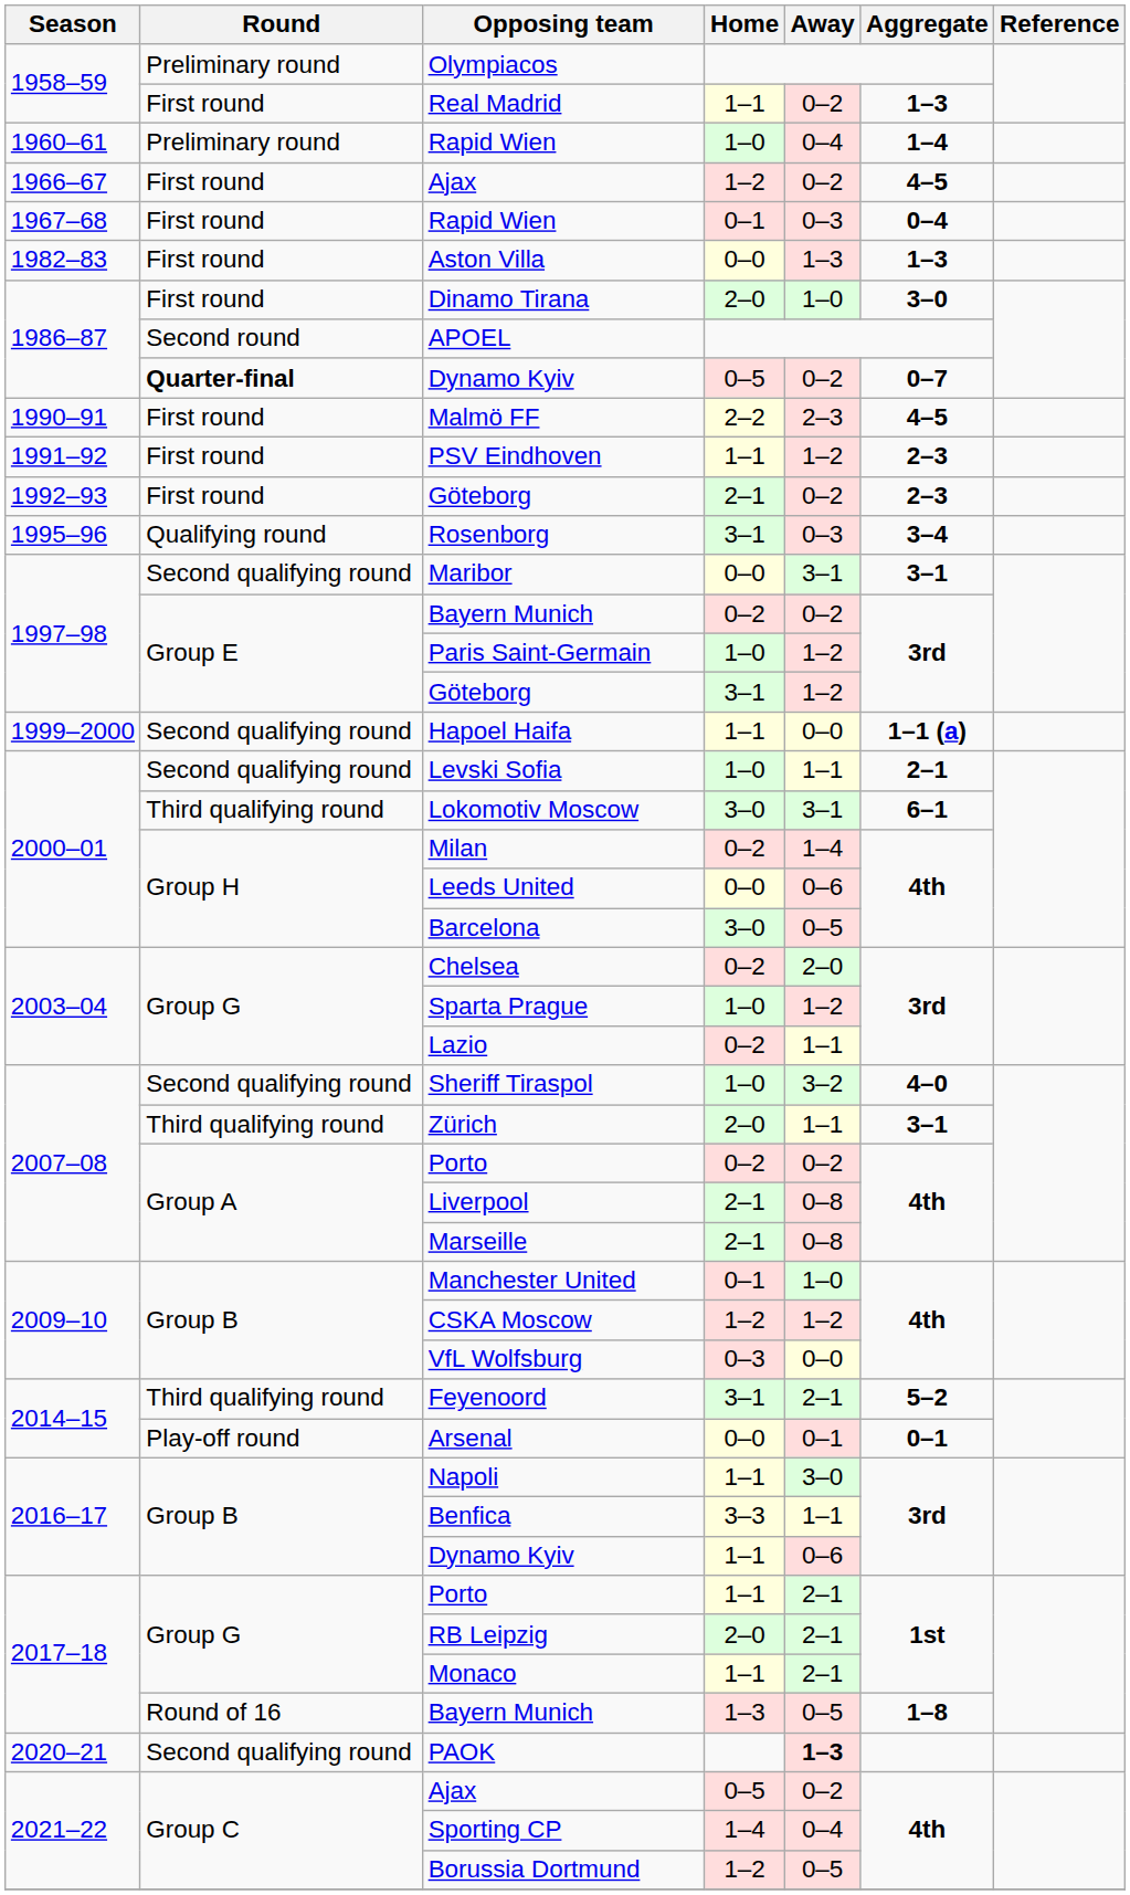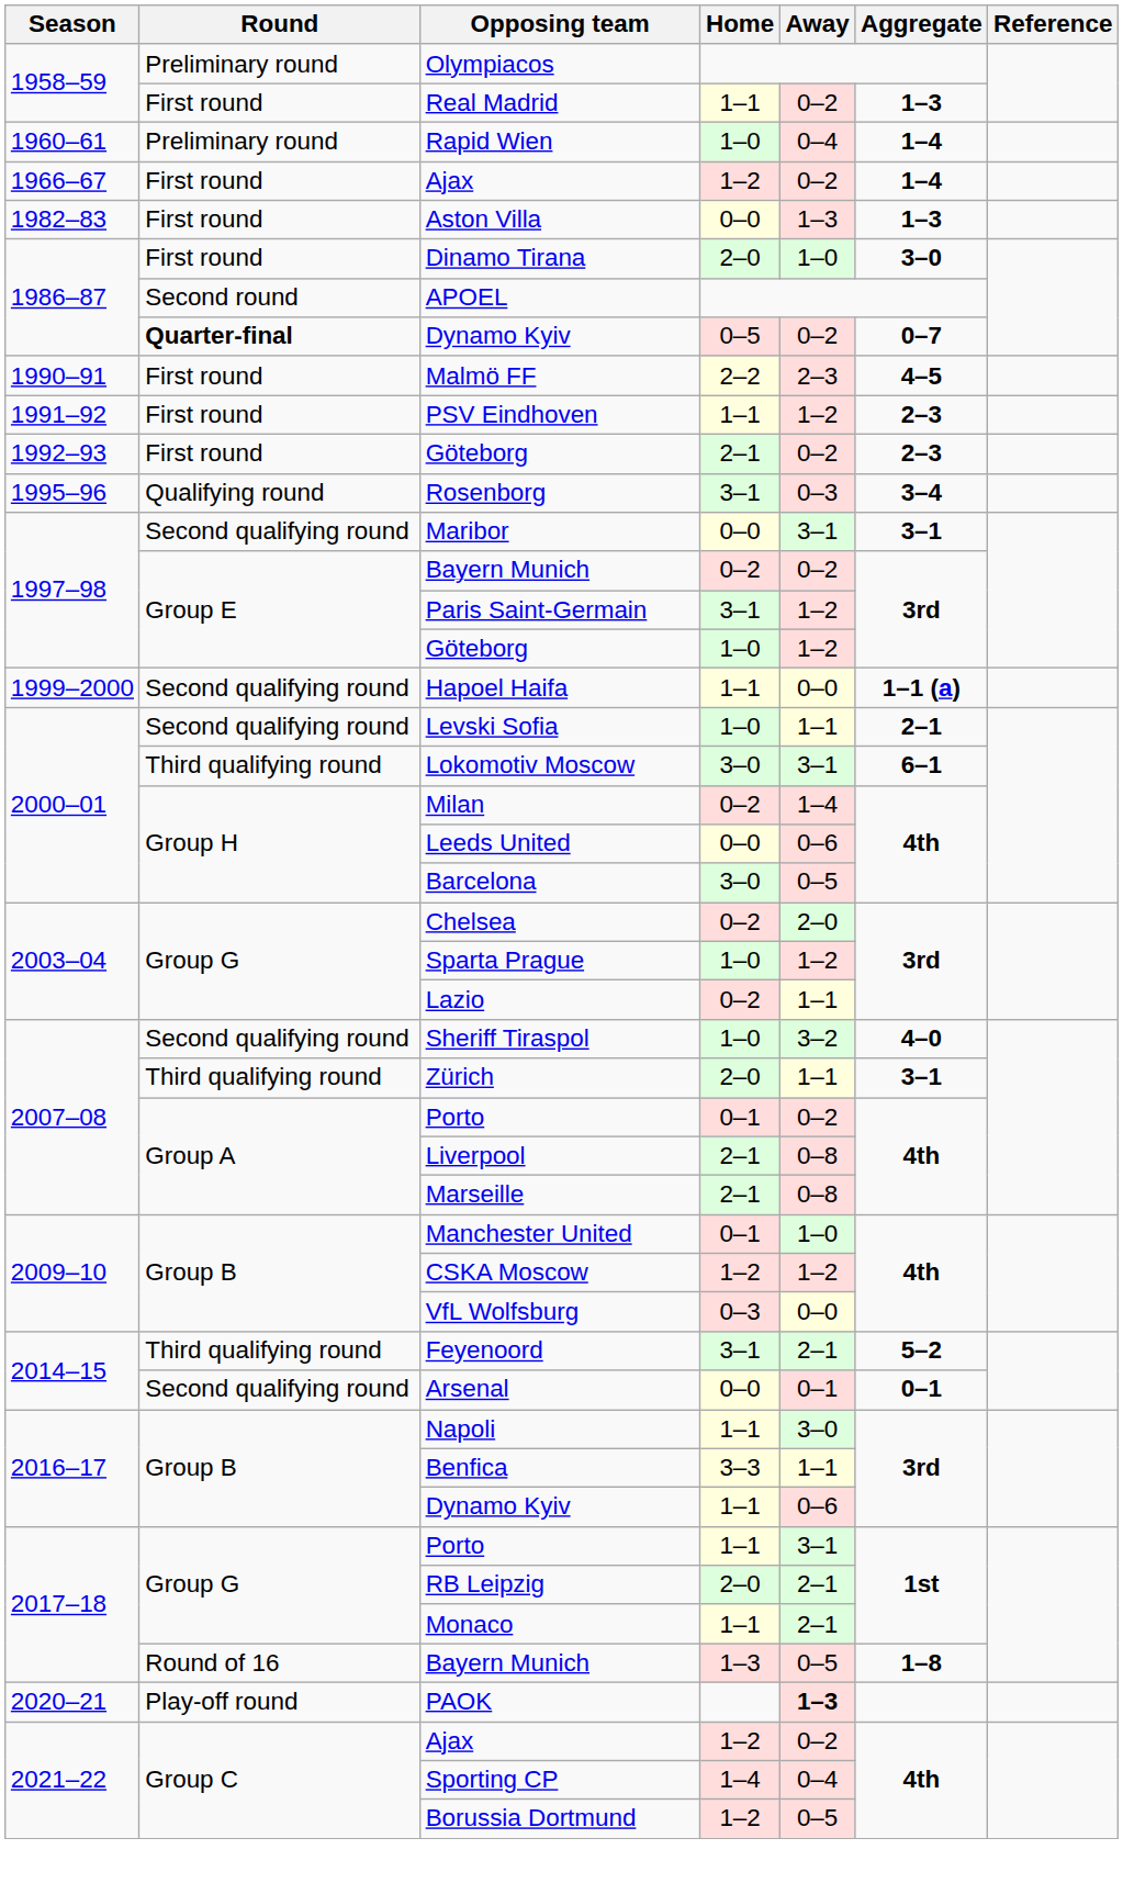 <table class="wikitable">
 <tr>
 <th>Season</th>
 <th width=175>Round</th>
 <th width=175>Opposing team</th>
 <th>Home</th>
 <th>Away</th>
 <th>Aggregate</th>
 <th>Reference</th>
 </tr>
 <tr>
 <td rowspan="2"><a href='#'>1958–59</a></td>
 <td>Preliminary round</td>
 <td> <a href='#'>Olympiacos</a></td>
 <td colspan=3></td>
 <td rowspan="2" align=center></td>
 </tr>
 <tr>
 <td>First round</td>
 <td> <a href='#'>Real Madrid</a></td>
 <td style="text-align:center; background:#ffd;">1–1</td>
 <td style="text-align:center; background:#fdd;">0–2</td>
 <td style="text-align:center;"><strong>1–3</strong></td>
 </tr>
 <tr>
 <td><a href='#'>1960–61</a></td>
 <td>Preliminary round</td>
 <td> <a href='#'>Rapid Wien</a></td>
 <td style="text-align:center; background:#dfd;">1–0</td>
 <td style="text-align:center; background:#fdd;">0–4</td>
 <td style="text-align:center;"><strong>1–4</strong></td>
 <td align=center></td>
 </tr>
 <tr>
 <td><a href='#'>1966–67</a></td>
 <td>First round</td>
 <td> <a href='#'>Ajax</a></td>
 <td style="text-align:center; background:#fdd;">1–2</td>
 <td style="text-align:center; background:#fdd;">0–2</td>
-<td style="text-align:center;"><strong>4–5</strong></td>
-<td align=center></td>
-</tr>
-<tr>
-<td><a href='#'>1967–68</a></td>
-<td>First round</td>
-<td> <a href='#'>Rapid Wien</a></td>
-<td style="text-align:center; background:#fdd;">0–1</td>
-<td style="text-align:center; background:#fdd;">0–3</td>
-<td style="text-align:center;"><strong>0–4</strong></td>
+<td style="text-align:center;"><strong>1–4</strong></td>
 <td align=center></td>
 </tr>
 <tr>
 <td><a href='#'>1982–83</a></td>
 <td>First round</td>
 <td> <a href='#'>Aston Villa</a></td>
 <td style="text-align:center; background:#ffd;">0–0</td>
 <td style="text-align:center; background:#fdd;">1–3</td>
 <td style="text-align:center;"><strong>1–3</strong></td>
 <td align=center></td>
 </tr>
 <tr>
 <td rowspan="3"><a href='#'>1986–87</a></td>
 <td>First round</td>
 <td> <a href='#'>Dinamo Tirana</a></td>
 <td style="text-align:center; background:#dfd;">2–0</td>
 <td style="text-align:center; background:#dfd;">1–0</td>
 <td style="text-align:center;"><strong>3–0</strong></td>
 <td rowspan="3" align=center></td>
 </tr>
 <tr>
 <td>Second round</td>
 <td> <a href='#'>APOEL</a></td>
 <td colspan=3></td>
 </tr>
 <tr>
 <td><strong>Quarter-final</strong></td>
 <td> <a href='#'>Dynamo Kyiv</a></td>
 <td style="text-align:center; background:#fdd;">0–5</td>
 <td style="text-align:center; background:#fdd;">0–2</td>
 <td style="text-align:center;"><strong>0–7</strong></td>
 </tr>
 <tr>
 <td><a href='#'>1990–91</a></td>
 <td>First round</td>
 <td> <a href='#'>Malmö FF</a></td>
 <td style="text-align:center; background:#ffd;">2–2</td>
 <td style="text-align:center; background:#fdd;">2–3</td>
 <td style="text-align:center;"><strong>4–5</strong></td>
 <td align=center></td>
 </tr>
 <tr>
 <td><a href='#'>1991–92</a></td>
 <td>First round</td>
 <td> <a href='#'>PSV Eindhoven</a></td>
 <td style="text-align:center; background:#ffd;">1–1</td>
 <td style="text-align:center; background:#fdd;">1–2</td>
 <td style="text-align:center;"><strong>2–3</strong></td>
 <td align=center></td>
 </tr>
 <tr>
 <td><a href='#'>1992–93</a></td>
 <td>First round</td>
 <td> <a href='#'>Göteborg</a></td>
 <td style="text-align:center; background:#dfd;">2–1</td>
 <td style="text-align:center; background:#fdd;">0–2</td>
 <td style="text-align:center;"><strong>2–3</strong></td>
 <td align=center></td>
 </tr>
 <tr>
 <td><a href='#'>1995–96</a></td>
 <td>Qualifying round</td>
 <td> <a href='#'>Rosenborg</a></td>
 <td style="text-align:center; background:#dfd;">3–1</td>
 <td style="text-align:center; background:#fdd;">0–3</td>
 <td style="text-align:center;"><strong>3–4</strong></td>
 <td align=center></td>
 </tr>
 <tr>
 <td rowspan="4"><a href='#'>1997–98</a></td>
 <td>Second qualifying round</td>
 <td> <a href='#'>Maribor</a></td>
 <td style="text-align:center; background:#ffd;">0–0</td>
 <td style="text-align:center; background:#dfd;">3–1</td>
 <td style="text-align:center;"><strong>3–1</strong></td>
 <td rowspan="4" align=center></td>
 </tr>
 <tr>
 <td rowspan=3>Group E</td>
 <td> <a href='#'>Bayern Munich</a></td>
 <td style="text-align:center; background:#fdd;">0–2</td>
 <td style="text-align:center; background:#fdd;">0–2</td>
 <td style="text-align:center;" rowspan=3><strong>3rd</strong></td>
 </tr>
 <tr>
 <td> <a href='#'>Paris Saint-Germain</a></td>
-<td style="text-align:center; background:#dfd;">1–0</td>
+<td style="text-align:center; background:#dfd;">3–1</td>
 <td style="text-align:center; background:#fdd;">1–2</td>
 </tr>
 <tr>
 <td> <a href='#'>Göteborg</a></td>
-<td style="text-align:center; background:#dfd;">3–1</td>
+<td style="text-align:center; background:#dfd;">1–0</td>
 <td style="text-align:center; background:#fdd;">1–2</td>
 </tr>
 <tr>
 <td><a href='#'>1999–2000</a></td>
 <td>Second qualifying round</td>
 <td> <a href='#'>Hapoel Haifa</a></td>
 <td style="text-align:center; background:#ffd;">1–1</td>
 <td style="text-align:center; background:#ffd;">0–0</td>
 <td style="text-align:center;"><strong>1–1 (<a href='#'>a</a>)</strong></td>
 <td align=center></td>
 </tr>
 <tr>
 <td rowspan="5"><a href='#'>2000–01</a></td>
 <td>Second qualifying round</td>
 <td> <a href='#'>Levski Sofia</a></td>
 <td style="text-align:center; background:#dfd;">1–0</td>
 <td style="text-align:center; background:#ffd;">1–1</td>
 <td style="text-align:center;"><strong>2–1</strong></td>
 <td rowspan="5" align=center></td>
 </tr>
 <tr>
 <td>Third qualifying round</td>
 <td> <a href='#'>Lokomotiv Moscow</a></td>
 <td style="text-align:center; background:#dfd;">3–0</td>
 <td style="text-align:center; background:#dfd;">3–1</td>
 <td style="text-align:center;"><strong>6–1</strong></td>
 </tr>
 <tr>
 <td rowspan=3>Group H</td>
 <td> <a href='#'>Milan</a></td>
 <td style="text-align:center; background:#fdd;">0–2</td>
 <td style="text-align:center; background:#fdd;">1–4</td>
 <td style="text-align:center;" rowspan=3><strong>4th</strong></td>
 </tr>
 <tr>
 <td> <a href='#'>Leeds United</a></td>
 <td style="text-align:center; background:#ffd;">0–0</td>
 <td style="text-align:center; background:#fdd;">0–6</td>
 </tr>
 <tr>
 <td> <a href='#'>Barcelona</a></td>
 <td style="text-align:center; background:#dfd;">3–0</td>
 <td style="text-align:center; background:#fdd;">0–5</td>
 </tr>
 <tr>
 <td rowspan="3"><a href='#'>2003–04</a></td>
 <td rowspan=3>Group G</td>
 <td> <a href='#'>Chelsea</a></td>
 <td style="text-align:center; background:#fdd;">0–2</td>
 <td style="text-align:center; background:#dfd;">2–0</td>
 <td style="text-align:center;" rowspan=3><strong>3rd</strong></td>
 <td rowspan="3" align=center></td>
 </tr>
 <tr>
 <td> <a href='#'>Sparta Prague</a></td>
 <td style="text-align:center; background:#dfd;">1–0</td>
 <td style="text-align:center; background:#fdd;">1–2</td>
 </tr>
 <tr>
 <td> <a href='#'>Lazio</a></td>
 <td style="text-align:center; background:#fdd;">0–2</td>
 <td style="text-align:center; background:#ffd;">1–1</td>
 </tr>
 <tr>
 <td rowspan="5"><a href='#'>2007–08</a></td>
 <td>Second qualifying round</td>
 <td> <a href='#'>Sheriff Tiraspol</a></td>
 <td style="text-align:center; background:#dfd;">1–0</td>
 <td style="text-align:center; background:#dfd;">3–2</td>
 <td style="text-align:center;"><strong>4–0</strong></td>
 <td rowspan="5" align=center></td>
 </tr>
 <tr>
 <td>Third qualifying round</td>
 <td> <a href='#'>Zürich</a></td>
 <td style="text-align:center; background:#dfd;">2–0</td>
 <td style="text-align:center; background:#ffd;">1–1</td>
 <td style="text-align:center;"><strong>3–1</strong></td>
 </tr>
 <tr>
 <td rowspan=3>Group A</td>
 <td> <a href='#'>Porto</a></td>
-<td style="text-align:center; background:#fdd;">0–2</td>
+<td style="text-align:center; background:#fdd;">0–1</td>
 <td style="text-align:center; background:#fdd;">0–2</td>
 <td style="text-align:center;" rowspan=3><strong>4th</strong></td>
 </tr>
 <tr>
 <td> <a href='#'>Liverpool</a></td>
 <td style="text-align:center; background:#dfd;">2–1</td>
 <td style="text-align:center; background:#fdd;">0–8</td>
 </tr>
 <tr>
 <td> <a href='#'>Marseille</a></td>
 <td style="text-align:center; background:#dfd;">2–1</td>
 <td style="text-align:center; background:#fdd;">0–8</td>
 </tr>
 <tr>
 <td rowspan="3"><a href='#'>2009–10</a></td>
 <td rowspan=3>Group B</td>
 <td> <a href='#'>Manchester United</a></td>
 <td style="text-align:center; background:#fdd;">0–1</td>
 <td style="text-align:center; background:#dfd;">1–0</td>
 <td style="text-align:center;" rowspan=3><strong>4th</strong></td>
 <td rowspan="3" align=center></td>
 </tr>
 <tr>
 <td> <a href='#'>CSKA Moscow</a></td>
 <td style="text-align:center; background:#fdd;">1–2</td>
 <td style="text-align:center; background:#fdd;">1–2</td>
 </tr>
 <tr>
 <td> <a href='#'>VfL Wolfsburg</a></td>
 <td style="text-align:center; background:#fdd;">0–3</td>
 <td style="text-align:center; background:#ffd;">0–0</td>
 </tr>
 <tr>
 <td rowspan="2"><a href='#'>2014–15</a></td>
 <td>Third qualifying round</td>
 <td> <a href='#'>Feyenoord</a></td>
 <td style="text-align:center; background:#dfd;">3–1</td>
 <td style="text-align:center; background:#dfd;">2–1</td>
 <td style="text-align:center;"><strong>5–2</strong></td>
 <td rowspan="2" align=center></td>
 </tr>
 <tr>
-<td>Play-off round</td>
+<td>Second qualifying round</td>
 <td> <a href='#'>Arsenal</a></td>
 <td style="text-align:center; background:#ffd;">0–0</td>
 <td style="text-align:center; background:#fdd;">0–1</td>
 <td style="text-align:center;"><strong>0–1</strong></td>
 </tr>
 <tr>
 <td rowspan="3"><a href='#'>2016–17</a></td>
 <td rowspan=3>Group B</td>
 <td> <a href='#'>Napoli</a></td>
 <td style="text-align:center; background:#ffd;">1–1</td>
 <td style="text-align:center; background:#dfd;">3–0</td>
 <td style="text-align:center;" rowspan=3><strong>3rd</strong></td>
 <td rowspan="3" align=center></td>
 </tr>
 <tr>
 <td> <a href='#'>Benfica</a></td>
 <td style="text-align:center; background:#ffd;">3–3</td>
 <td style="text-align:center; background:#ffd;">1–1</td>
 </tr>
 <tr>
 <td> <a href='#'>Dynamo Kyiv</a></td>
 <td style="text-align:center; background:#ffd;">1–1</td>
 <td style="text-align:center; background:#fdd;">0–6</td>
 </tr>
 <tr>
 <td rowspan="4"><a href='#'>2017–18</a></td>
 <td rowspan=3>Group G</td>
 <td> <a href='#'>Porto</a></td>
 <td style="text-align:center; background:#ffd;">1–1</td>
-<td style="text-align:center; background:#dfd;">2–1</td>
+<td style="text-align:center; background:#dfd;">3–1</td>
 <td style="text-align:center;" rowspan=3><strong>1st</strong></td>
 <td rowspan="4" align=center></td>
 </tr>
 <tr>
 <td> <a href='#'>RB Leipzig</a></td>
 <td style="text-align:center; background:#dfd;">2–0</td>
 <td style="text-align:center; background:#dfd;">2–1</td>
 </tr>
 <tr>
 <td> <a href='#'>Monaco</a></td>
 <td style="text-align:center; background:#ffd;">1–1</td>
 <td style="text-align:center; background:#dfd;">2–1</td>
 </tr>
 <tr>
 <td>Round of 16</td>
 <td> <a href='#'>Bayern Munich</a></td>
 <td style="text-align:center; background:#fdd;">1–3</td>
 <td style="text-align:center; background:#fdd;">0–5</td>
 <td style="text-align:center;"><strong>1–8</strong></td>
 </tr>
 <tr>
 <td><a href='#'>2020–21</a></td>
-<td>Second qualifying round</td>
+<td>Play-off round</td>
 <td> <a href='#'>PAOK</a></td>
 <td></td>
 <td style="text-align:center; background:#fdd;"><strong>1–3</strong></td>
 <td></td>
 <td align=center></td>
 </tr>
 <tr>
 <td rowspan="3"><a href='#'>2021–22</a></td>
 <td rowspan=3>Group C</td>
 <td> <a href='#'>Ajax</a></td>
-<td style="text-align:center; background:#fdd;">0–5</td>
+<td style="text-align:center; background:#fdd;">1–2</td>
 <td style="text-align:center; background:#fdd;">0–2</td>
 <td style="text-align:center;" rowspan=3><strong>4th</strong></td>
 <td rowspan="3" align=center></td>
 </tr>
 <tr>
 <td> <a href='#'>Sporting CP</a></td>
 <td style="text-align:center; background:#fdd;">1–4</td>
 <td style="text-align:center; background:#fdd;">0–4</td>
 </tr>
 <tr>
 <td> <a href='#'>Borussia Dortmund</a></td>
 <td style="text-align:center; background:#fdd;">1–2</td>
 <td style="text-align:center; background:#fdd;">0–5</td>
 </tr>
 <tr>
 </tr>
 </table>
